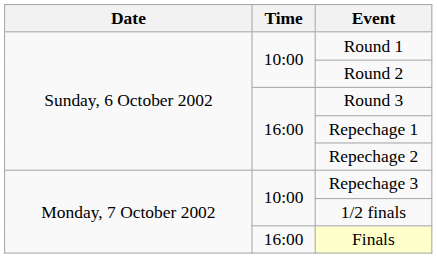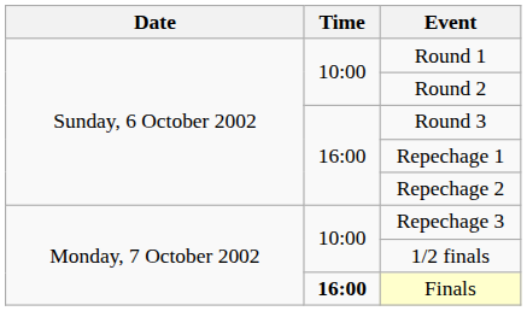 <table class = "wikitable" style="text-align:center;">
 <tr>
 <th width=220>Date</th>
 <th width=50>Time</th>
 <th width=100>Event</th>
 </tr>
 <tr>
 <td rowspan=5>Sunday, 6 October 2002</td>
 <td rowspan=2>10:00</td>
 <td>Round 1</td>
 </tr>
 <tr>
 <td>Round 2</td>
 </tr>
 <tr>
 <td rowspan=3>16:00</td>
 <td>Round 3</td>
 </tr>
 <tr>
 <td>Repechage 1</td>
 </tr>
 <tr>
 <td>Repechage 2</td>
 </tr>
 <tr>
 <td rowspan=3>Monday, 7 October 2002</td>
 <td rowspan=2>10:00</td>
 <td>Repechage 3</td>
 </tr>
 <tr>
 <td>1/2 finals</td>
 </tr>
 <tr>
-<td>16:00</td>
+<td><strong>16:00</strong></td>
 <td bgcolor=ffffcc>Finals</td>
 </tr>
 </table>
